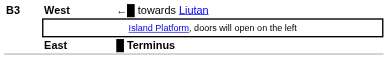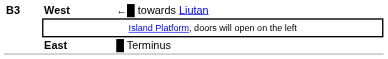 <table table border=0 cellspacing=0 cellpadding=3>
 <tr>
 <td style="border-top:solid 0px gray;border-bottom:solid 1px gray;" width=50 rowspan=3 valign=top><strong>B3</strong></td>
 <td style="border-top:solid 0px gray;" width=100><strong>West</strong></td>
 <td style="border-top:solid 0px gray;" width=390>←<span>█</span> towards <a href='#'>Liutan</a></td>
 </tr>
 <tr>
 <td style="border-top:solid 2px black;border-right:solid 2px black;border-left:solid 2px black;border-bottom:solid 2px black;text-align:center;" colspan=2><small><a href='#'>Island Platform</a>, doors will open on the left</small></td>
 </tr>
 <tr>
 <td style="border-bottom:solid 1px gray;"><strong>East</strong></td>
-<td style="border-bottom:solid 1px gray;"><strong><span>█</span> Terminus</strong></td>
+<td style="border-bottom:solid 1px gray;"><span>█</span> Terminus</td>
 </tr>
 </table>
